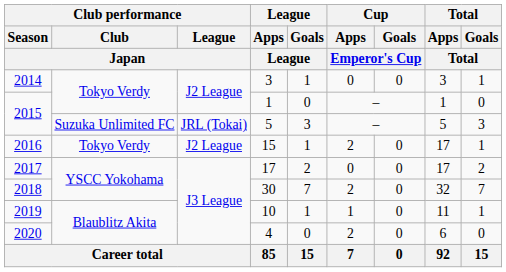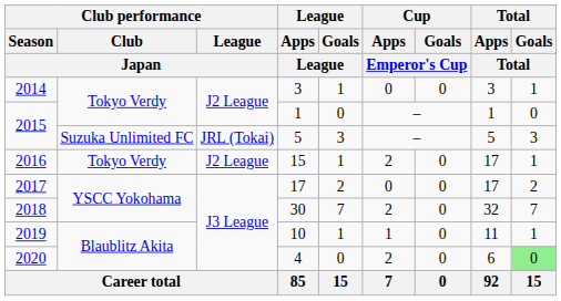 <table class="wikitable" style="text-align:center">
 <tr>
 <th colspan=3>Club performance</th>
 <th colspan=2>League</th>
 <th colspan=2>Cup</th>
 <th colspan=2>Total</th>
 </tr>
 <tr>
 <th>Season</th>
 <th>Club</th>
 <th>League</th>
 <th>Apps</th>
 <th>Goals</th>
 <th>Apps</th>
 <th>Goals</th>
 <th>Apps</th>
 <th>Goals</th>
 </tr>
 <tr>
 <th colspan=3>Japan</th>
 <th colspan=2>League</th>
 <th colspan=2><a href='#'>Emperor's Cup</a></th>
 <th colspan=2>Total</th>
 </tr>
 <tr>
 <td><a href='#'>2014</a></td>
 <td rowspan="2"><a href='#'>Tokyo Verdy</a></td>
 <td rowspan="2"><a href='#'>J2 League</a></td>
 <td>3</td>
 <td>1</td>
 <td>0</td>
 <td>0</td>
 <td>3</td>
 <td>1</td>
 </tr>
 <tr>
 <td rowspan="2"><a href='#'>2015</a></td>
 <td>1</td>
 <td>0</td>
 <td colspan="2">–</td>
 <td>1</td>
 <td>0</td>
 </tr>
 <tr>
 <td><a href='#'>Suzuka Unlimited FC</a></td>
 <td><a href='#'>JRL (Tokai)</a></td>
 <td>5</td>
 <td>3</td>
 <td colspan="2">–</td>
 <td>5</td>
 <td>3</td>
 </tr>
 <tr>
 <td><a href='#'>2016</a></td>
 <td><a href='#'>Tokyo Verdy</a></td>
 <td><a href='#'>J2 League</a></td>
 <td>15</td>
 <td>1</td>
 <td>2</td>
 <td>0</td>
 <td>17</td>
 <td>1</td>
 </tr>
 <tr>
 <td><a href='#'>2017</a></td>
 <td rowspan="2"><a href='#'>YSCC Yokohama</a></td>
 <td rowspan="4"><a href='#'>J3 League</a></td>
 <td>17</td>
 <td>2</td>
 <td>0</td>
 <td>0</td>
 <td>17</td>
 <td>2</td>
 </tr>
 <tr>
 <td><a href='#'>2018</a></td>
 <td>30</td>
 <td>7</td>
 <td>2</td>
 <td>0</td>
 <td>32</td>
 <td>7</td>
 </tr>
 <tr>
 <td><a href='#'>2019</a></td>
 <td rowspan="2"><a href='#'>Blaublitz Akita</a></td>
 <td>10</td>
 <td>1</td>
 <td>1</td>
 <td>0</td>
 <td>11</td>
 <td>1</td>
 </tr>
 <tr>
 <td><a href='#'>2020</a></td>
 <td>4</td>
 <td>0</td>
 <td>2</td>
 <td>0</td>
 <td>6</td>
-<td>0</td>
+<td style="background: lightgreen;">0</td>
 </tr>
 <tr>
 <th colspan=3>Career total</th>
 <th>85</th>
 <th>15</th>
 <th>7</th>
 <th>0</th>
 <th>92</th>
 <th>15</th>
 </tr>
 </table>
